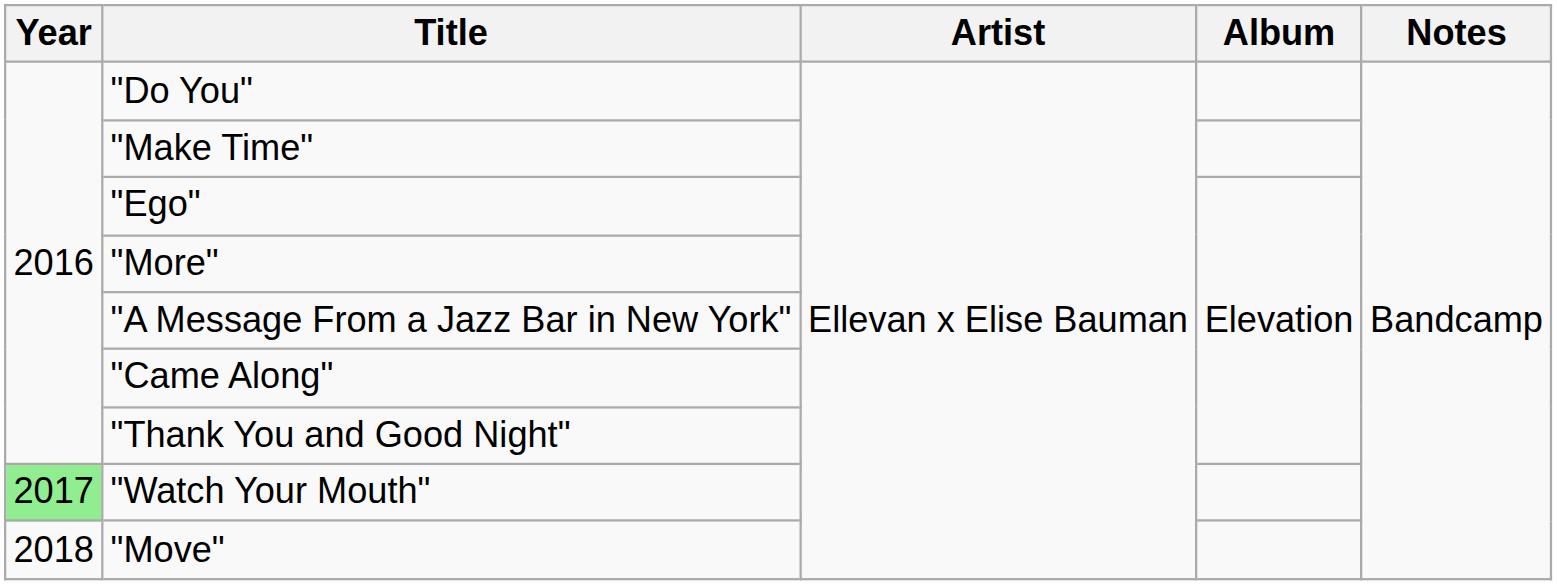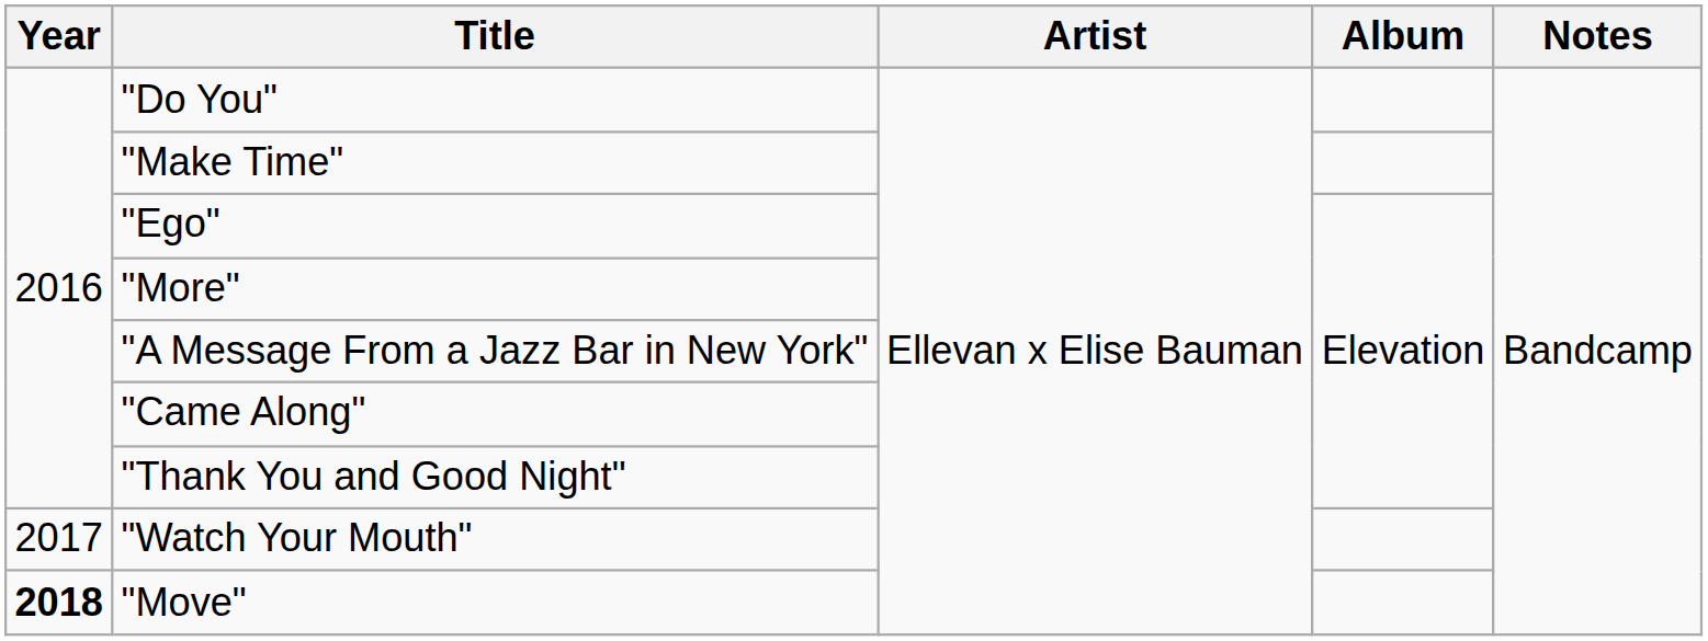 <table class="wikitable sortable">
 <tr>
 <th>Year</th>
 <th>Title</th>
 <th>Artist</th>
 <th>Album</th>
 <th class="unsortable">Notes</th>
 </tr>
 <tr>
 <td rowspan=7>2016</td>
 <td>"Do You"</td>
 <td rowspan=9>Ellevan x Elise Bauman</td>
 <td></td>
 <td rowspan=9>Bandcamp</td>
 </tr>
 <tr>
 <td>"Make Time"</td>
 <td></td>
 </tr>
 <tr>
 <td>"Ego"</td>
 <td rowspan=5>Elevation</td>
 </tr>
 <tr>
 <td>"More"</td>
 </tr>
 <tr>
 <td>"A Message From a Jazz Bar in New York"</td>
 </tr>
 <tr>
 <td>"Came Along"</td>
 </tr>
 <tr>
 <td>"Thank You and Good Night"</td>
 </tr>
 <tr>
-<td style="background: lightgreen;">2017</td>
+<td>2017</td>
 <td>"Watch Your Mouth"</td>
 <td></td>
 </tr>
 <tr>
-<td>2018</td>
+<td><strong>2018</strong></td>
 <td>"Move"</td>
 <td></td>
 </tr>
 </table>
